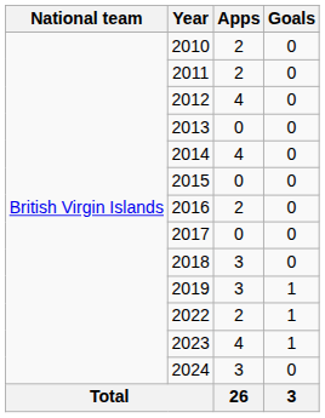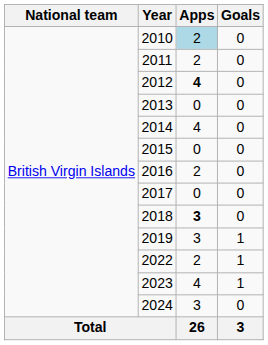 <table class="wikitable" style="text-align:center">
 <tr>
 <th>National team</th>
 <th>Year</th>
 <th>Apps</th>
 <th>Goals</th>
 </tr>
 <tr>
 <td rowspan="13"><a href='#'>British Virgin Islands</a></td>
 <td>2010</td>
-<td>2</td>
+<td style="background: lightblue;">2</td>
 <td>0</td>
 </tr>
 <tr>
 <td>2011</td>
 <td>2</td>
 <td>0</td>
 </tr>
 <tr>
 <td>2012</td>
-<td>4</td>
+<td><strong>4</strong></td>
 <td>0</td>
 </tr>
 <tr>
 <td>2013</td>
 <td>0</td>
 <td>0</td>
 </tr>
 <tr>
 <td>2014</td>
 <td>4</td>
 <td>0</td>
 </tr>
 <tr>
 <td>2015</td>
 <td>0</td>
 <td>0</td>
 </tr>
 <tr>
 <td>2016</td>
 <td>2</td>
 <td>0</td>
 </tr>
 <tr>
 <td>2017</td>
 <td>0</td>
 <td>0</td>
 </tr>
 <tr>
 <td>2018</td>
-<td>3</td>
+<td><strong>3</strong></td>
 <td>0</td>
 </tr>
 <tr>
 <td>2019</td>
 <td>3</td>
 <td>1</td>
 </tr>
 <tr>
 <td>2022</td>
 <td>2</td>
 <td>1</td>
 </tr>
 <tr>
 <td>2023</td>
 <td>4</td>
 <td>1</td>
 </tr>
 <tr>
 <td>2024</td>
 <td>3</td>
 <td>0</td>
 </tr>
 <tr>
 <th colspan="2">Total</th>
 <th>26</th>
 <th>3</th>
 </tr>
 </table>
